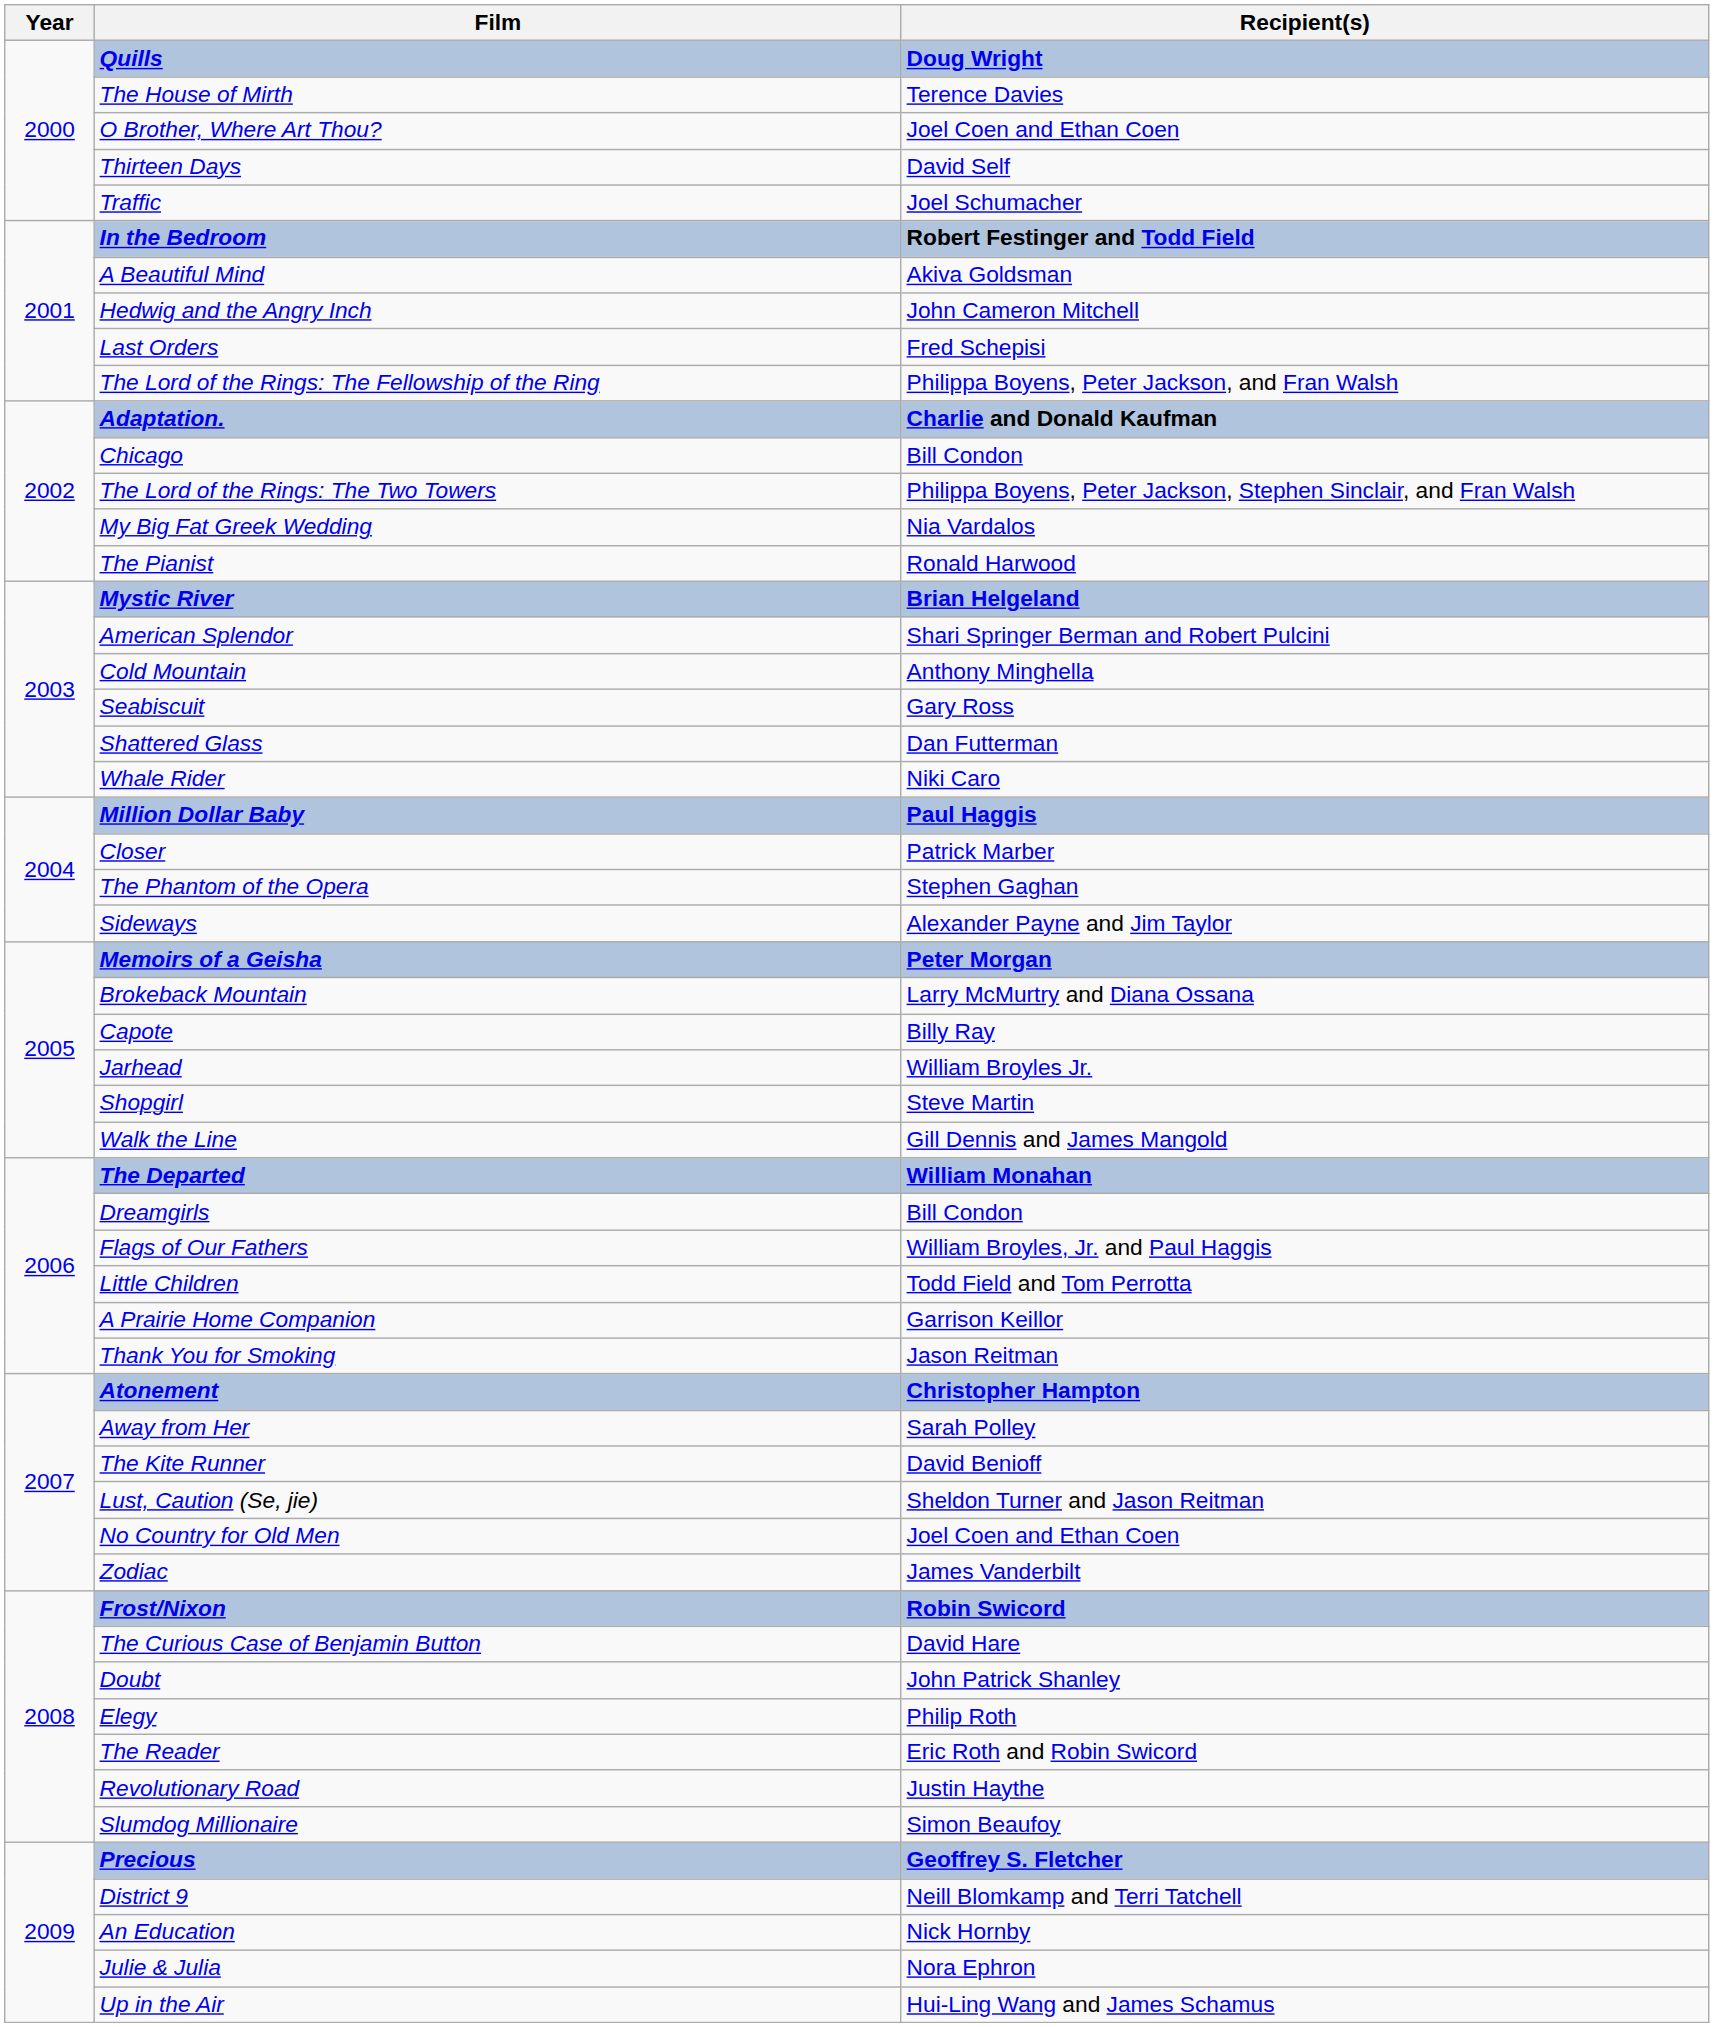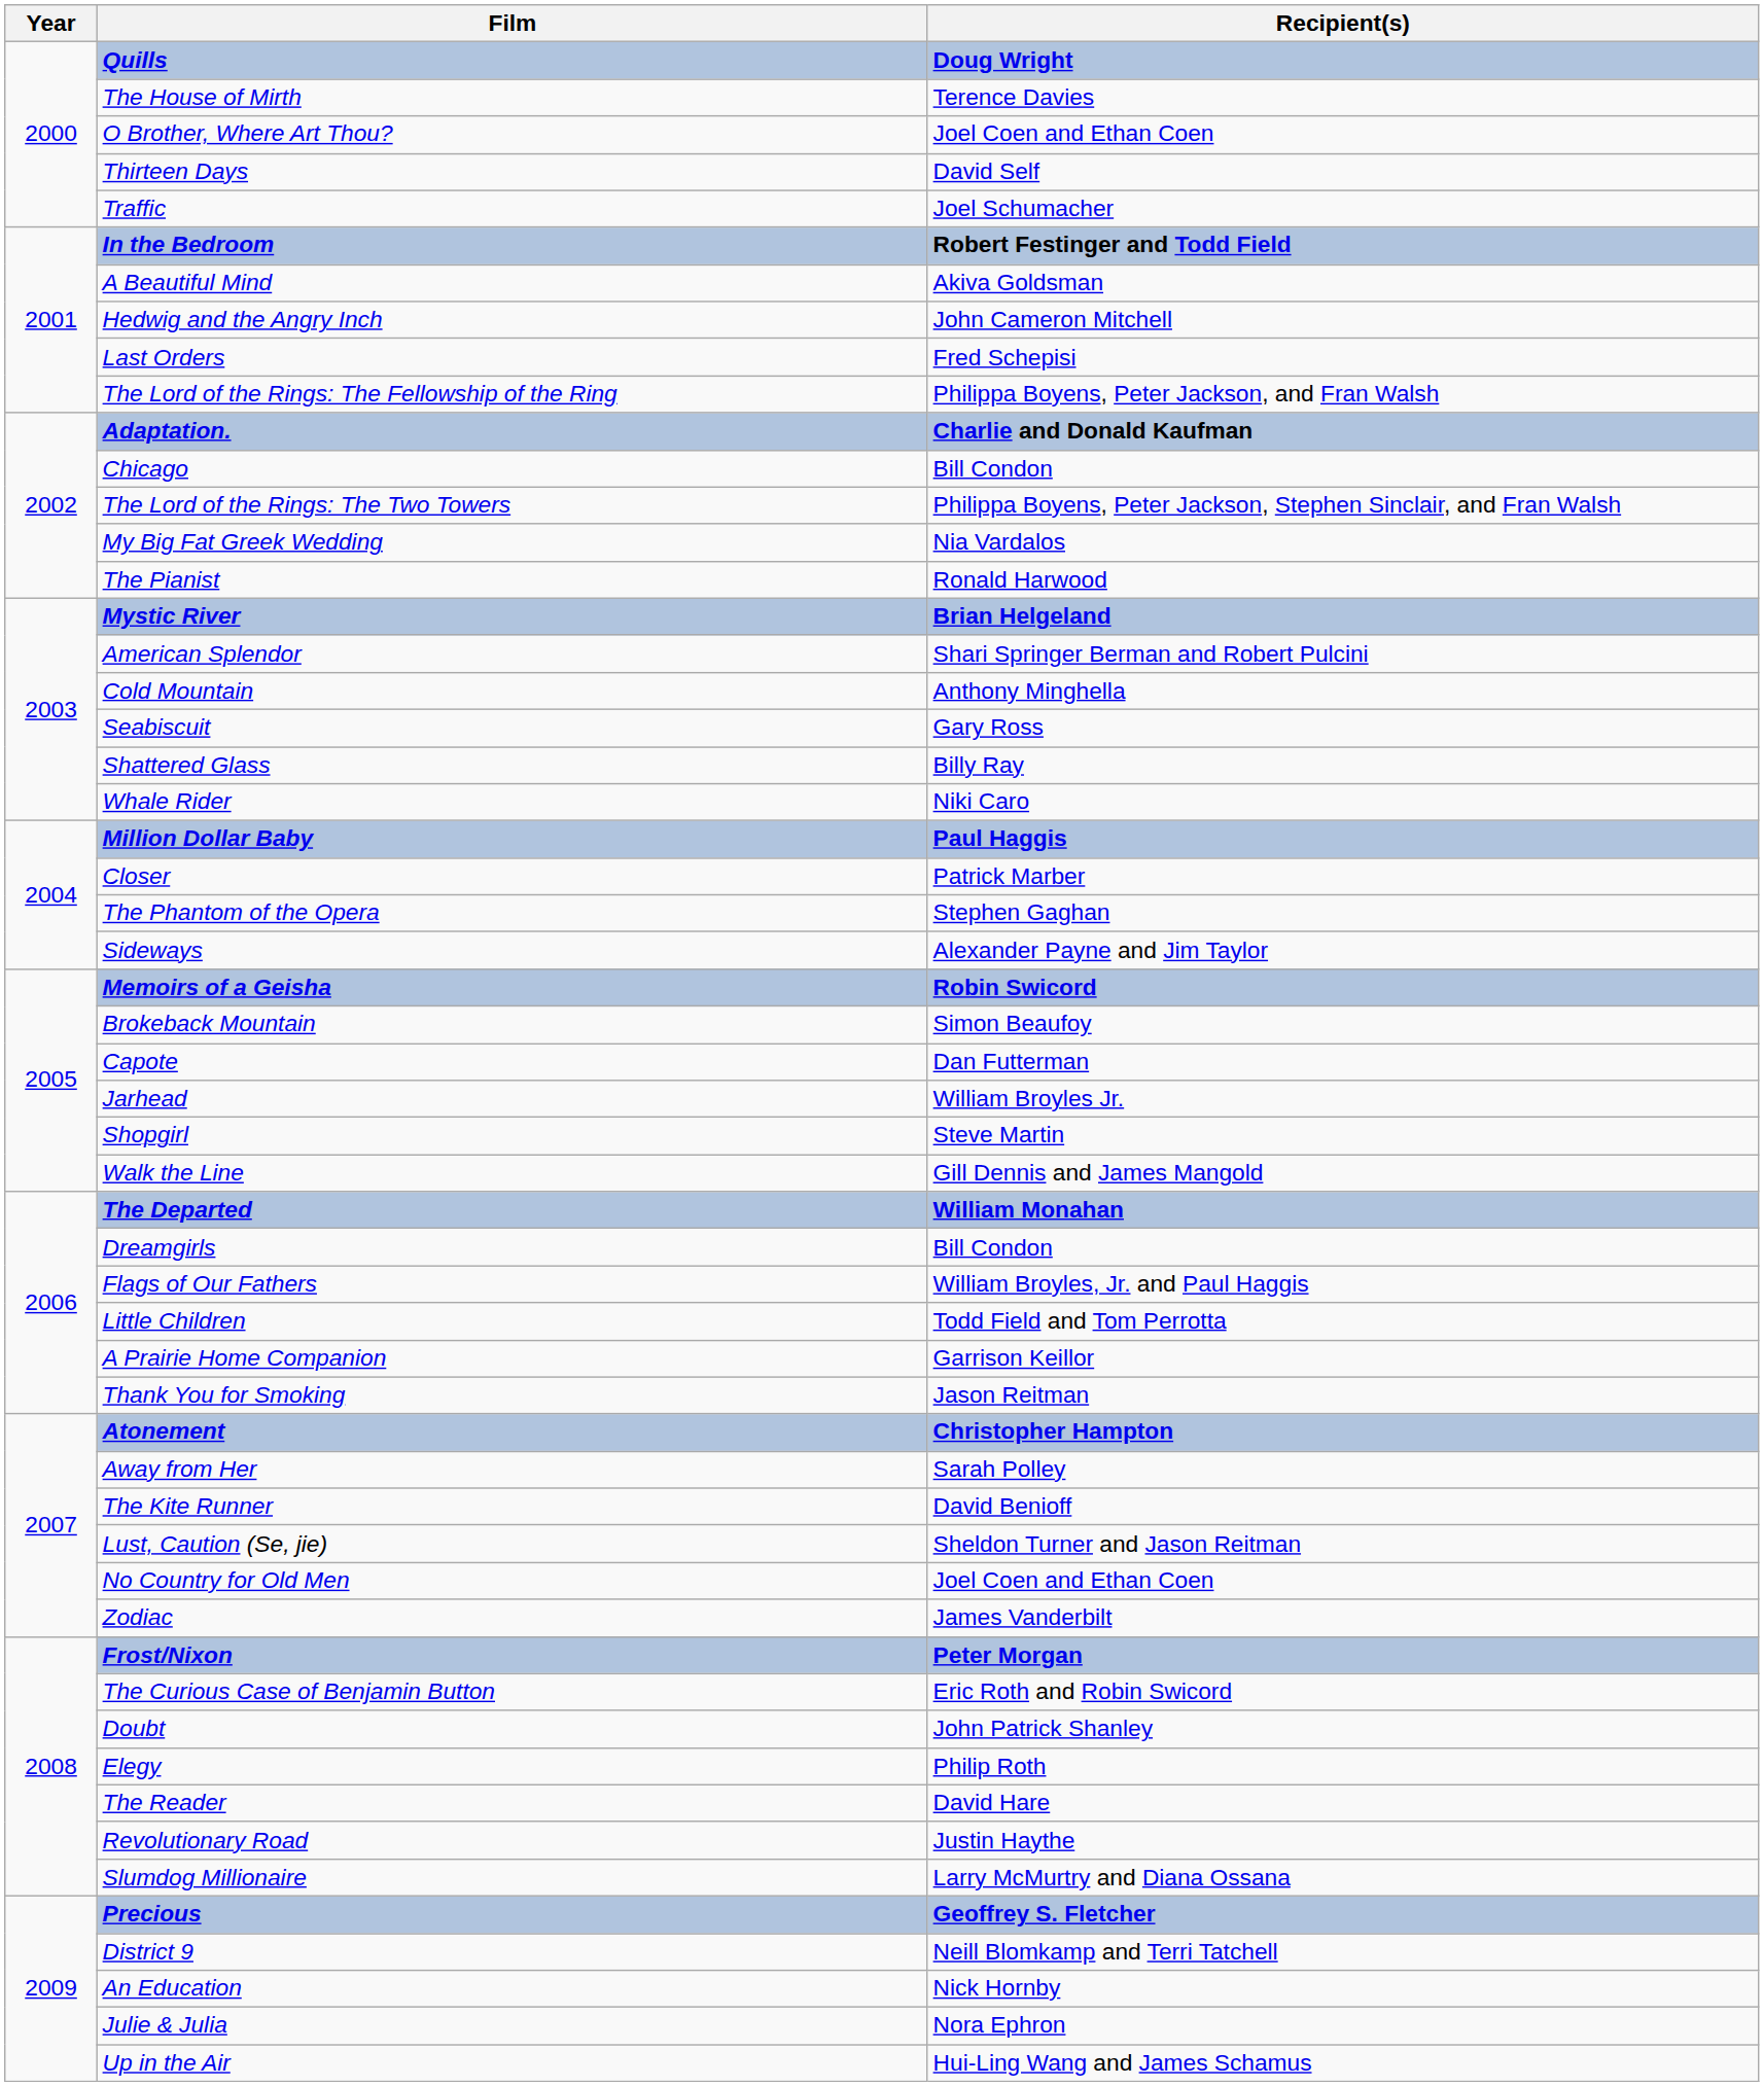 <table class="wikitable" width="95%" cellpadding="5">
 <tr>
 <th width="5%">Year</th>
 <th width="45%">Film</th>
 <th width="45%">Recipient(s)</th>
 </tr>
 <tr>
 <td rowspan="5" style="text-align:center;"><a href='#'>2000</a></td>
 <td style="background:#B0C4DE;"><strong><em><a href='#'>Quills</a></em></strong></td>
 <td style="background:#B0C4DE;"><strong><a href='#'>Doug Wright</a></strong></td>
 </tr>
 <tr>
 <td><em><a href='#'>The House of Mirth</a></em></td>
 <td><a href='#'>Terence Davies</a></td>
 </tr>
 <tr>
 <td><em><a href='#'>O Brother, Where Art Thou?</a></em></td>
 <td><a href='#'>Joel Coen and Ethan Coen</a></td>
 </tr>
 <tr>
 <td><em><a href='#'>Thirteen Days</a></em></td>
 <td><a href='#'>David Self</a></td>
 </tr>
 <tr>
 <td><em><a href='#'>Traffic</a></em></td>
 <td><a href='#'>Joel Schumacher</a></td>
 </tr>
 <tr>
 <td rowspan="5" style="text-align:center;"><a href='#'>2001</a></td>
 <td style="background:#B0C4DE;"><strong><em><a href='#'>In the Bedroom</a></em></strong></td>
 <td style="background:#B0C4DE;"><strong>Robert Festinger and <a href='#'>Todd Field</a></strong></td>
 </tr>
 <tr>
 <td><em><a href='#'>A Beautiful Mind</a></em></td>
 <td><a href='#'>Akiva Goldsman</a></td>
 </tr>
 <tr>
 <td><em><a href='#'>Hedwig and the Angry Inch</a></em></td>
 <td><a href='#'>John Cameron Mitchell</a></td>
 </tr>
 <tr>
 <td><em><a href='#'>Last Orders</a></em></td>
 <td><a href='#'>Fred Schepisi</a></td>
 </tr>
 <tr>
 <td><em><a href='#'>The Lord of the Rings: The Fellowship of the Ring</a></em></td>
 <td><a href='#'>Philippa Boyens</a>, <a href='#'>Peter Jackson</a>, and <a href='#'>Fran Walsh</a></td>
 </tr>
 <tr>
 <td rowspan="5" style="text-align:center;"><a href='#'>2002</a></td>
 <td style="background:#B0C4DE;"><strong><em><a href='#'>Adaptation.</a></em></strong></td>
 <td style="background:#B0C4DE;"><strong><a href='#'>Charlie</a> and Donald Kaufman</strong></td>
 </tr>
 <tr>
 <td><em><a href='#'>Chicago</a></em></td>
 <td><a href='#'>Bill Condon</a></td>
 </tr>
 <tr>
 <td><em><a href='#'>The Lord of the Rings: The Two Towers</a></em></td>
 <td><a href='#'>Philippa Boyens</a>, <a href='#'>Peter Jackson</a>, <a href='#'>Stephen Sinclair</a>, and <a href='#'>Fran Walsh</a></td>
 </tr>
 <tr>
 <td><em><a href='#'>My Big Fat Greek Wedding</a></em></td>
 <td><a href='#'>Nia Vardalos</a></td>
 </tr>
 <tr>
 <td><em><a href='#'>The Pianist</a></em></td>
 <td><a href='#'>Ronald Harwood</a></td>
 </tr>
 <tr>
 <td rowspan="6" style="text-align:center;"><a href='#'>2003</a></td>
 <td style="background:#B0C4DE;"><strong><em><a href='#'>Mystic River</a></em></strong></td>
 <td style="background:#B0C4DE;"><strong><a href='#'>Brian Helgeland</a></strong></td>
 </tr>
 <tr>
 <td><em><a href='#'>American Splendor</a></em></td>
 <td><a href='#'>Shari Springer Berman and Robert Pulcini</a></td>
 </tr>
 <tr>
 <td><em><a href='#'>Cold Mountain</a></em></td>
 <td><a href='#'>Anthony Minghella</a></td>
 </tr>
 <tr>
 <td><em><a href='#'>Seabiscuit</a></em></td>
 <td><a href='#'>Gary Ross</a></td>
 </tr>
 <tr>
 <td><em><a href='#'>Shattered Glass</a></em></td>
-<td><a href='#'>Dan Futterman</a></td>
+<td><a href='#'>Billy Ray</a></td>
 </tr>
 <tr>
 <td><em><a href='#'>Whale Rider</a></em></td>
 <td><a href='#'>Niki Caro</a></td>
 </tr>
 <tr>
 <td rowspan="4" style="text-align:center;"><a href='#'>2004</a></td>
 <td style="background:#B0C4DE;"><strong><em><a href='#'>Million Dollar Baby</a></em></strong></td>
 <td style="background:#B0C4DE;"><strong><a href='#'>Paul Haggis</a></strong></td>
 </tr>
 <tr>
 <td><em><a href='#'>Closer</a></em></td>
 <td><a href='#'>Patrick Marber</a></td>
 </tr>
 <tr>
 <td><em><a href='#'>The Phantom of the Opera</a></em></td>
 <td><a href='#'>Stephen Gaghan</a></td>
 </tr>
 <tr>
 <td><em><a href='#'>Sideways</a></em></td>
 <td><a href='#'>Alexander Payne</a> and <a href='#'>Jim Taylor</a></td>
 </tr>
 <tr>
 <td rowspan="6" style="text-align:center;"><a href='#'>2005</a></td>
 <td style="background:#B0C4DE;"><strong><em><a href='#'>Memoirs of a Geisha</a></em></strong></td>
-<td style="background:#B0C4DE;"><strong><a href='#'>Peter Morgan</a></strong></td>
+<td style="background:#B0C4DE;"><strong><a href='#'>Robin Swicord</a></strong></td>
 </tr>
 <tr>
 <td><em><a href='#'>Brokeback Mountain</a></em></td>
-<td><a href='#'>Larry McMurtry</a> and <a href='#'>Diana Ossana</a></td>
+<td><a href='#'>Simon Beaufoy</a></td>
 </tr>
 <tr>
 <td><em><a href='#'>Capote</a></em></td>
-<td><a href='#'>Billy Ray</a></td>
+<td><a href='#'>Dan Futterman</a></td>
 </tr>
 <tr>
 <td><em><a href='#'>Jarhead</a></em></td>
 <td><a href='#'>William Broyles Jr.</a></td>
 </tr>
 <tr>
 <td><em><a href='#'>Shopgirl</a></em></td>
 <td><a href='#'>Steve Martin</a></td>
 </tr>
 <tr>
 <td><em><a href='#'>Walk the Line</a></em></td>
 <td><a href='#'>Gill Dennis</a> and <a href='#'>James Mangold</a></td>
 </tr>
 <tr>
 <td rowspan="6" style="text-align:center;"><a href='#'>2006</a></td>
 <td style="background:#B0C4DE;"><strong><em><a href='#'>The Departed</a></em></strong></td>
 <td style="background:#B0C4DE;"><strong><a href='#'>William Monahan</a></strong></td>
 </tr>
 <tr>
 <td><em><a href='#'>Dreamgirls</a></em></td>
 <td><a href='#'>Bill Condon</a></td>
 </tr>
 <tr>
 <td><em><a href='#'>Flags of Our Fathers</a></em></td>
 <td><a href='#'>William Broyles, Jr.</a> and <a href='#'>Paul Haggis</a></td>
 </tr>
 <tr>
 <td><em><a href='#'>Little Children</a></em></td>
 <td><a href='#'>Todd Field</a> and <a href='#'>Tom Perrotta</a></td>
 </tr>
 <tr>
 <td><em><a href='#'>A Prairie Home Companion</a></em></td>
 <td><a href='#'>Garrison Keillor</a></td>
 </tr>
 <tr>
 <td><em><a href='#'>Thank You for Smoking</a></em></td>
 <td><a href='#'>Jason Reitman</a></td>
 </tr>
 <tr>
 <td rowspan="6" style="text-align:center;"><a href='#'>2007</a></td>
 <td style="background:#B0C4DE;"><strong><em><a href='#'>Atonement</a></em></strong></td>
 <td style="background:#B0C4DE;"><strong><a href='#'>Christopher Hampton</a></strong></td>
 </tr>
 <tr>
 <td><em><a href='#'>Away from Her</a></em></td>
 <td><a href='#'>Sarah Polley</a></td>
 </tr>
 <tr>
 <td><em><a href='#'>The Kite Runner</a></em></td>
 <td><a href='#'>David Benioff</a></td>
 </tr>
 <tr>
 <td><em><a href='#'>Lust, Caution</a> (Se, jie)</em></td>
 <td><a href='#'>Sheldon Turner</a> and <a href='#'>Jason Reitman</a></td>
 </tr>
 <tr>
 <td><em><a href='#'>No Country for Old Men</a></em></td>
 <td><a href='#'>Joel Coen and Ethan Coen</a></td>
 </tr>
 <tr>
 <td><em><a href='#'>Zodiac</a></em></td>
 <td><a href='#'>James Vanderbilt</a></td>
 </tr>
 <tr>
 <td rowspan="7" style="text-align:center;"><a href='#'>2008</a></td>
 <td style="background:#B0C4DE;"><strong><em><a href='#'>Frost/Nixon</a></em></strong></td>
-<td style="background:#B0C4DE;"><strong><a href='#'>Robin Swicord</a></strong></td>
+<td style="background:#B0C4DE;"><strong><a href='#'>Peter Morgan</a></strong></td>
 </tr>
 <tr>
 <td><em><a href='#'>The Curious Case of Benjamin Button</a></em></td>
-<td><a href='#'>David Hare</a></td>
+<td><a href='#'>Eric Roth</a> and <a href='#'>Robin Swicord</a></td>
 </tr>
 <tr>
 <td><em><a href='#'>Doubt</a></em></td>
 <td><a href='#'>John Patrick Shanley</a></td>
 </tr>
 <tr>
 <td><em><a href='#'>Elegy</a></em></td>
 <td><a href='#'>Philip Roth</a></td>
 </tr>
 <tr>
 <td><em><a href='#'>The Reader</a></em></td>
-<td><a href='#'>Eric Roth</a> and <a href='#'>Robin Swicord</a></td>
+<td><a href='#'>David Hare</a></td>
 </tr>
 <tr>
 <td><em><a href='#'>Revolutionary Road</a></em></td>
 <td><a href='#'>Justin Haythe</a></td>
 </tr>
 <tr>
 <td><em><a href='#'>Slumdog Millionaire</a></em></td>
-<td><a href='#'>Simon Beaufoy</a></td>
+<td><a href='#'>Larry McMurtry</a> and <a href='#'>Diana Ossana</a></td>
 </tr>
 <tr>
 <td rowspan="5" style="text-align:center;"><a href='#'>2009</a></td>
 <td style="background:#B0C4DE;"><strong><em><a href='#'>Precious</a></em></strong></td>
 <td style="background:#B0C4DE;"><strong><a href='#'>Geoffrey S. Fletcher</a></strong></td>
 </tr>
 <tr>
 <td><em><a href='#'>District 9</a></em></td>
 <td><a href='#'>Neill Blomkamp</a> and <a href='#'>Terri Tatchell</a></td>
 </tr>
 <tr>
 <td><em><a href='#'>An Education</a></em></td>
 <td><a href='#'>Nick Hornby</a></td>
 </tr>
 <tr>
 <td><em><a href='#'>Julie & Julia</a></em></td>
 <td><a href='#'>Nora Ephron</a></td>
 </tr>
 <tr>
 <td><em><a href='#'>Up in the Air</a></em></td>
 <td><a href='#'>Hui-Ling Wang</a> and <a href='#'>James Schamus</a></td>
 </tr>
 </table>
